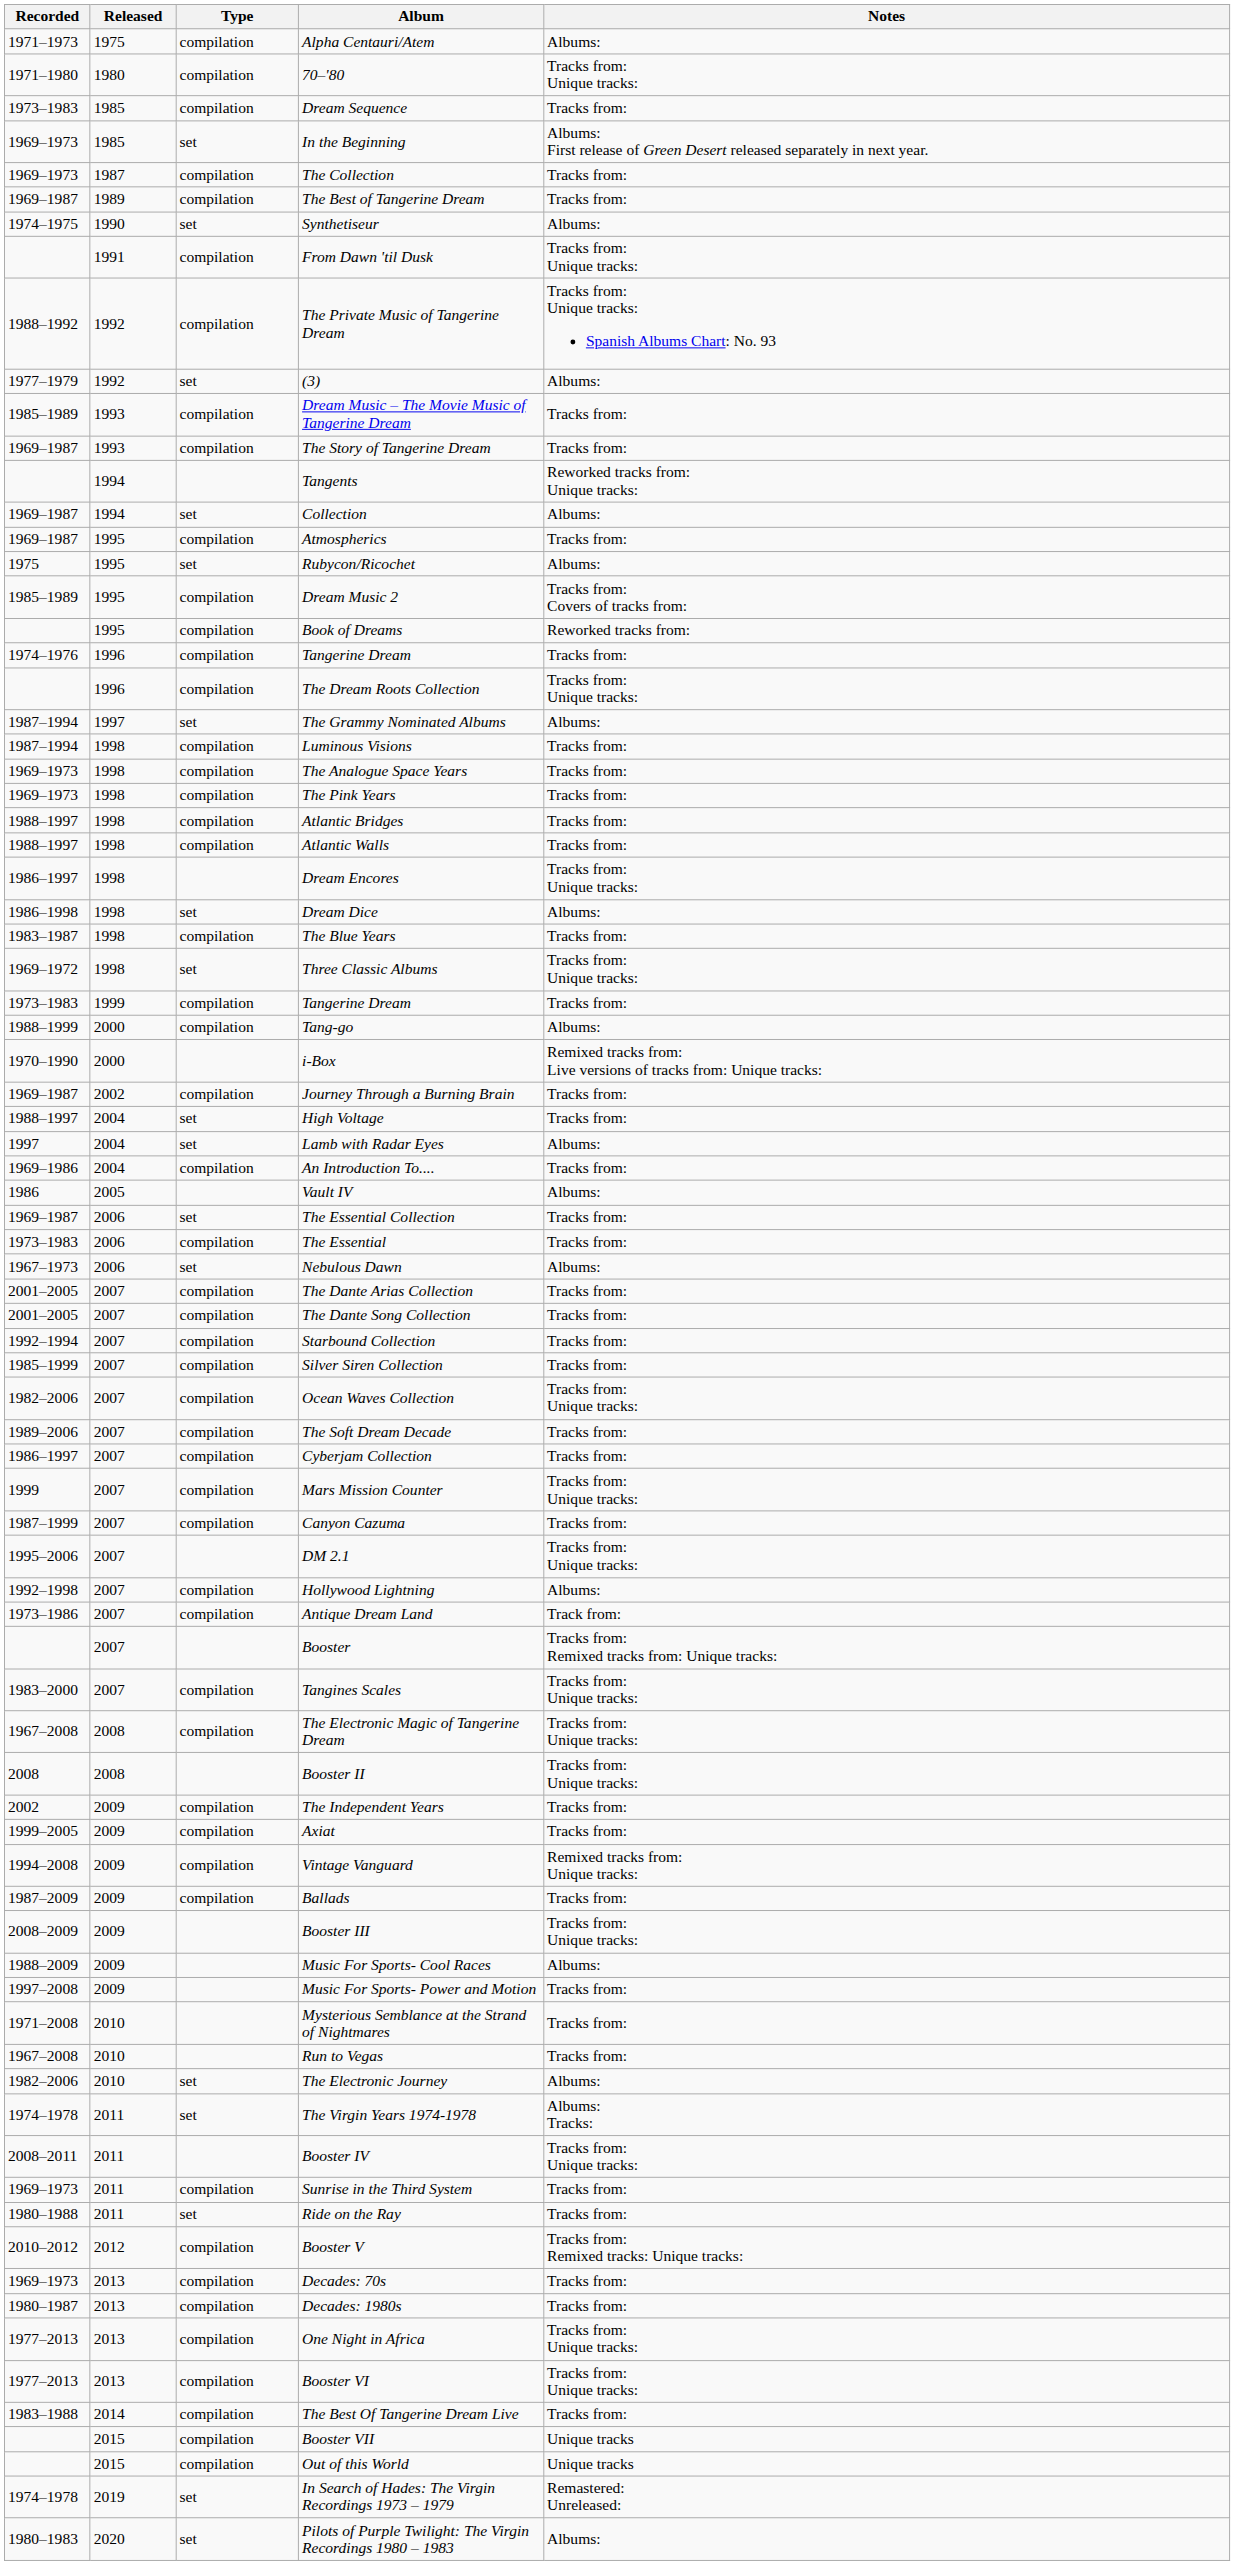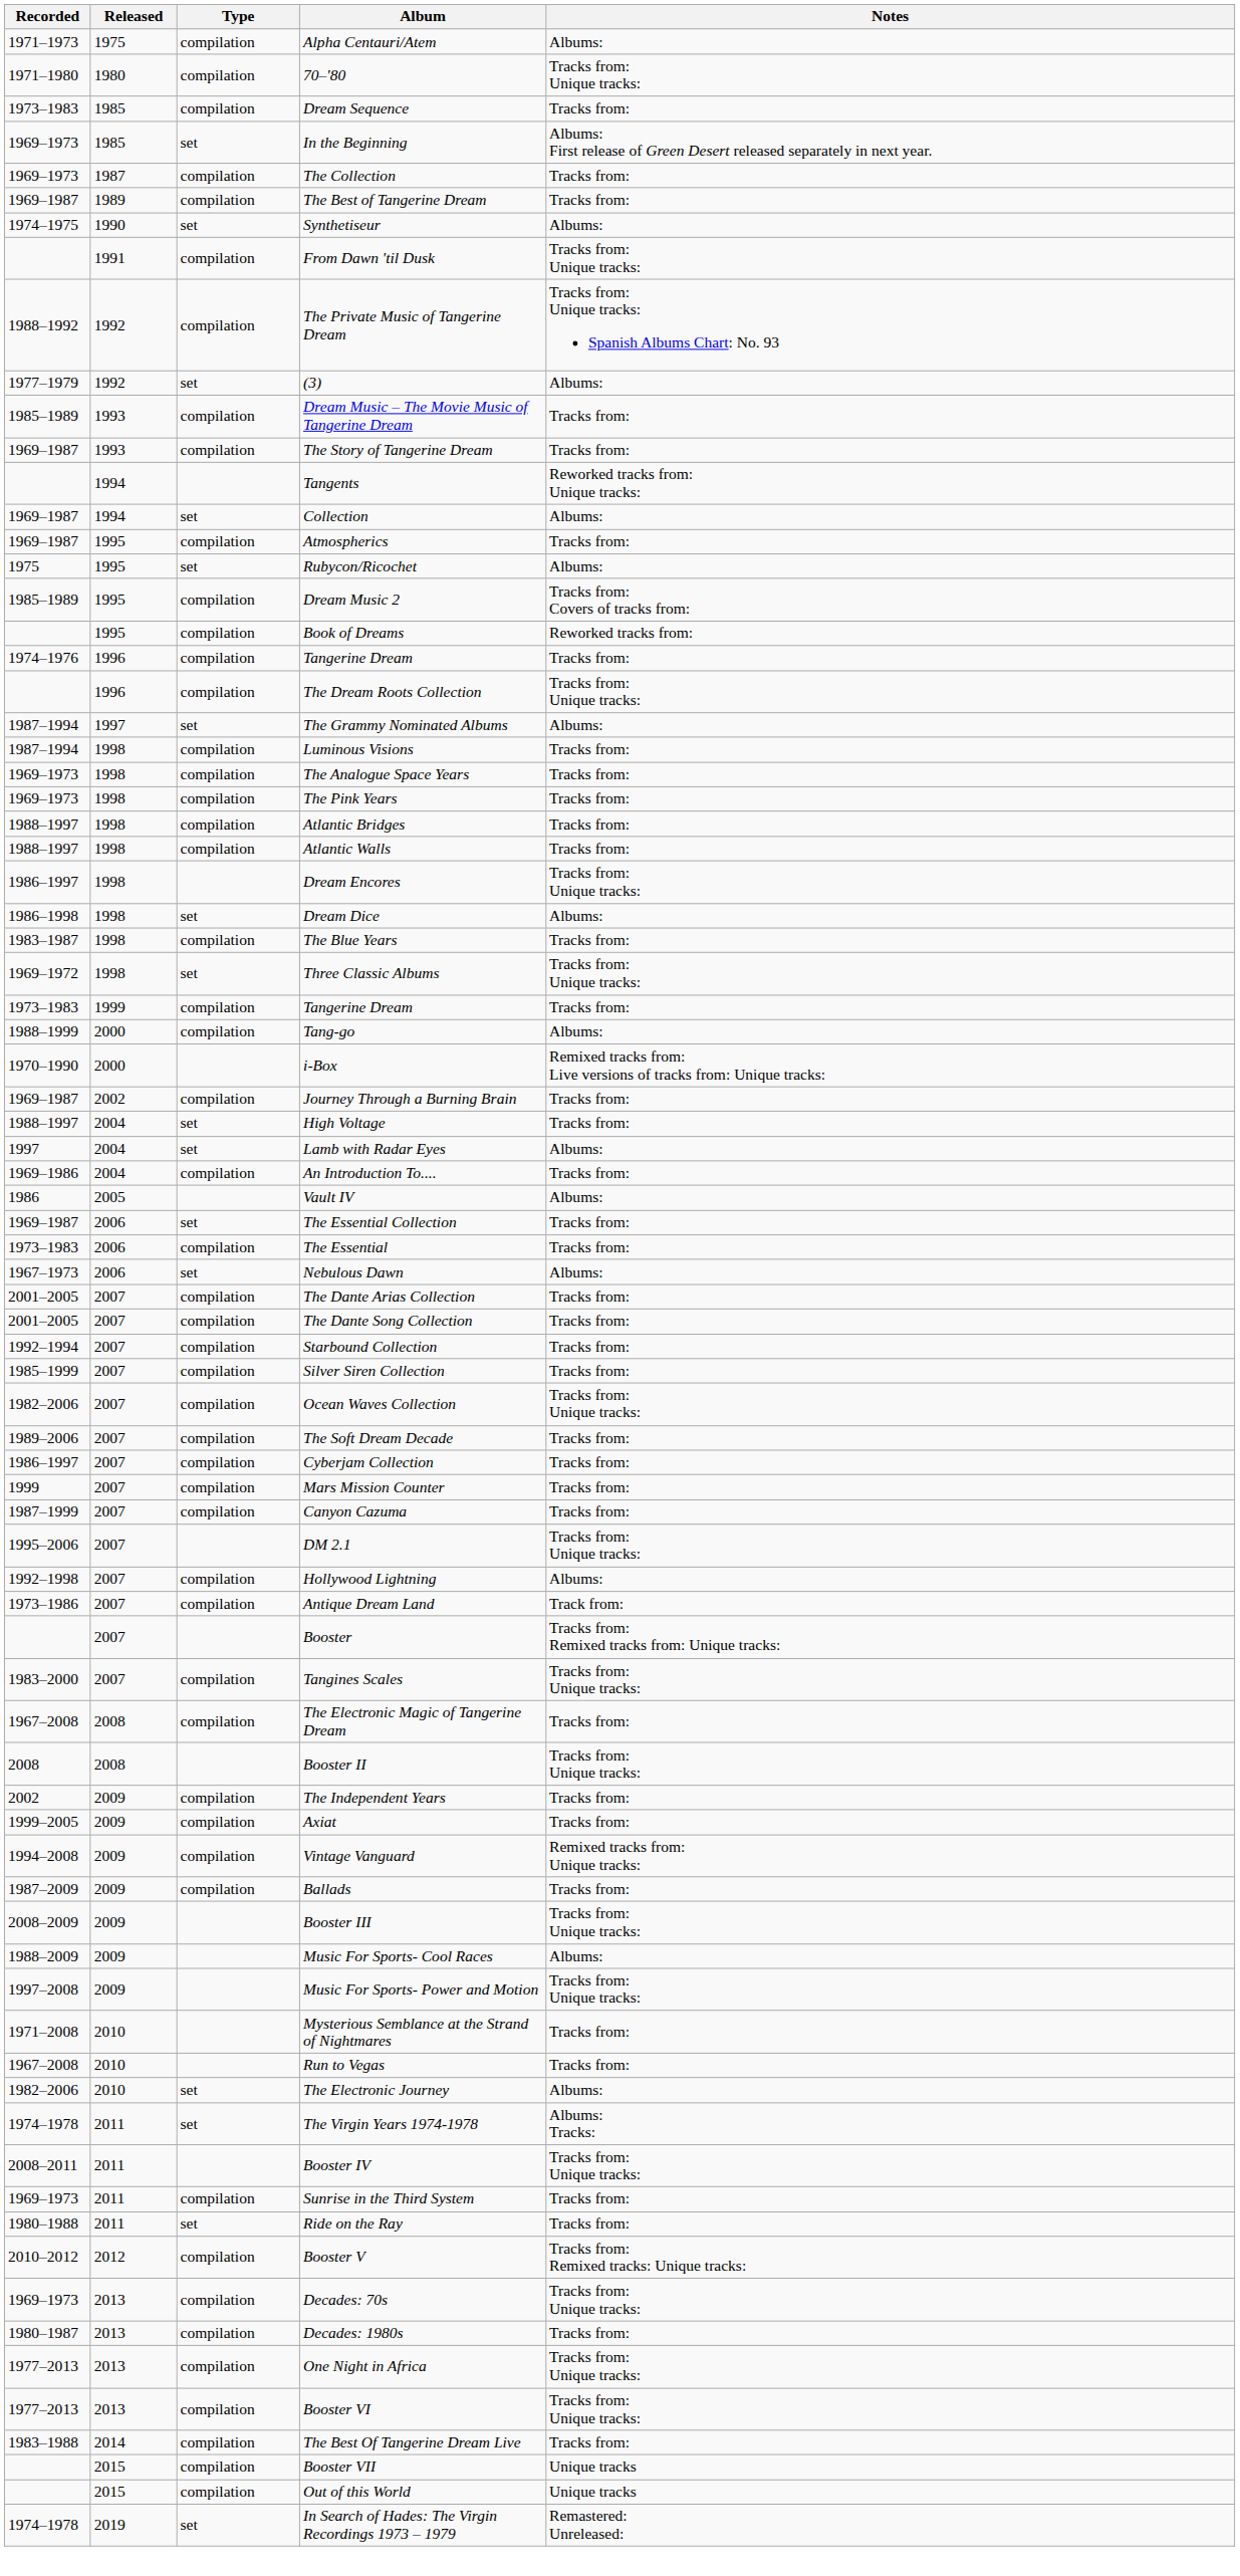 <table class="wikitable sortable" style="width:100%">
 <tr>
 <th style="width:7%">Recorded</th>
 <th style="width:7%">Released</th>
 <th style="width:10%">Type</th>
 <th style="width:20%">Album</th>
 <th>Notes</th>
 </tr>
 <tr>
 <td>1971–1973</td>
 <td>1975</td>
 <td>compilation</td>
 <td><em>Alpha Centauri/Atem</em></td>
 <td>Albums:</td>
 </tr>
 <tr>
 <td>1971–1980</td>
 <td>1980</td>
 <td>compilation</td>
 <td><em>70–'80</em></td>
 <td>Tracks from:<br>Unique tracks:</td>
 </tr>
 <tr>
 <td>1973–1983</td>
 <td>1985</td>
 <td>compilation</td>
 <td><em>Dream Sequence</em></td>
 <td>Tracks from:</td>
 </tr>
 <tr>
 <td>1969–1973</td>
 <td>1985</td>
 <td>set</td>
 <td><em>In the Beginning</em></td>
 <td>Albums:<br>First release of <em>Green Desert</em> released separately in next year.</td>
 </tr>
 <tr>
 <td>1969–1973</td>
 <td>1987</td>
 <td>compilation</td>
 <td><em>The Collection</em></td>
 <td>Tracks from:</td>
 </tr>
 <tr>
 <td>1969–1987</td>
 <td>1989</td>
 <td>compilation</td>
 <td><em>The Best of Tangerine Dream</em></td>
 <td>Tracks from:</td>
 </tr>
 <tr>
 <td>1974–1975</td>
 <td>1990</td>
 <td>set</td>
 <td><em>Synthetiseur</em></td>
 <td>Albums:</td>
 </tr>
 <tr>
 <td></td>
 <td>1991</td>
 <td>compilation</td>
 <td><em>From Dawn 'til Dusk</em></td>
 <td>Tracks from:<br>Unique tracks:</td>
 </tr>
 <tr>
 <td>1988–1992</td>
 <td>1992</td>
 <td>compilation</td>
 <td><em>The Private Music of Tangerine Dream</em></td>
 <td>Tracks from:<br>Unique tracks:<ul><li><a href='#'>Spanish Albums Chart</a>: No. 93</li></ul></td>
 </tr>
 <tr>
 <td>1977–1979</td>
 <td>1992</td>
 <td>set</td>
 <td><em>(3)</em></td>
 <td>Albums:</td>
 </tr>
 <tr>
 <td>1985–1989</td>
 <td>1993</td>
 <td>compilation</td>
 <td><em><a href='#'>Dream Music – The Movie Music of Tangerine Dream</a></em></td>
 <td>Tracks from:</td>
 </tr>
 <tr>
 <td>1969–1987</td>
 <td>1993</td>
 <td>compilation</td>
 <td><em>The Story of Tangerine Dream</em></td>
 <td>Tracks from:</td>
 </tr>
 <tr>
 <td></td>
 <td>1994</td>
 <td></td>
 <td><em>Tangents</em></td>
 <td>Reworked tracks from:<br>Unique tracks:</td>
 </tr>
 <tr>
 <td>1969–1987</td>
 <td>1994</td>
 <td>set</td>
 <td><em>Collection</em></td>
 <td>Albums:</td>
 </tr>
 <tr>
 <td>1969–1987</td>
 <td>1995</td>
 <td>compilation</td>
 <td><em>Atmospherics</em></td>
 <td>Tracks from:</td>
 </tr>
 <tr>
 <td>1975</td>
 <td>1995</td>
 <td>set</td>
 <td><em>Rubycon/Ricochet</em></td>
 <td>Albums:</td>
 </tr>
 <tr>
 <td>1985–1989</td>
 <td>1995</td>
 <td>compilation</td>
 <td><em>Dream Music 2</em></td>
 <td>Tracks from:<br>Covers of tracks from:</td>
 </tr>
 <tr>
 <td></td>
 <td>1995</td>
 <td>compilation</td>
 <td><em>Book of Dreams</em></td>
 <td>Reworked tracks from:</td>
 </tr>
 <tr>
 <td>1974–1976</td>
 <td>1996</td>
 <td>compilation</td>
 <td><em>Tangerine Dream</em></td>
 <td>Tracks from:</td>
 </tr>
 <tr>
 <td></td>
 <td>1996</td>
 <td>compilation</td>
 <td><em>The Dream Roots Collection</em></td>
 <td>Tracks from:<br>Unique tracks:</td>
 </tr>
 <tr>
 <td>1987–1994</td>
 <td>1997</td>
 <td>set</td>
 <td><em>The Grammy Nominated Albums</em></td>
 <td>Albums:</td>
 </tr>
 <tr>
 <td>1987–1994</td>
 <td>1998</td>
 <td>compilation</td>
 <td><em>Luminous Visions</em></td>
 <td>Tracks from:</td>
 </tr>
 <tr>
 <td>1969–1973</td>
 <td>1998</td>
 <td>compilation</td>
 <td><em>The Analogue Space Years</em></td>
 <td>Tracks from:</td>
 </tr>
 <tr>
 <td>1969–1973</td>
 <td>1998</td>
 <td>compilation</td>
 <td><em>The Pink Years</em></td>
 <td>Tracks from:</td>
 </tr>
 <tr>
 <td>1988–1997</td>
 <td>1998</td>
 <td>compilation</td>
 <td><em>Atlantic Bridges</em></td>
 <td>Tracks from:</td>
 </tr>
 <tr>
 <td>1988–1997</td>
 <td>1998</td>
 <td>compilation</td>
 <td><em>Atlantic Walls</em></td>
 <td>Tracks from:</td>
 </tr>
 <tr>
 <td>1986–1997</td>
 <td>1998</td>
 <td></td>
 <td><em>Dream Encores</em></td>
 <td>Tracks from:<br>Unique tracks:</td>
 </tr>
 <tr>
 <td>1986–1998</td>
 <td>1998</td>
 <td>set</td>
 <td><em>Dream Dice</em></td>
 <td>Albums:</td>
 </tr>
 <tr>
 <td>1983–1987</td>
 <td>1998</td>
 <td>compilation</td>
 <td><em>The Blue Years</em></td>
 <td>Tracks from:</td>
 </tr>
 <tr>
 <td>1969–1972</td>
 <td>1998</td>
 <td>set</td>
 <td><em>Three Classic Albums</em></td>
 <td>Tracks from:<br>Unique tracks:</td>
 </tr>
 <tr>
 <td>1973–1983</td>
 <td>1999</td>
 <td>compilation</td>
 <td><em>Tangerine Dream</em></td>
 <td>Tracks from:</td>
 </tr>
 <tr>
 <td>1988–1999</td>
 <td>2000</td>
 <td>compilation</td>
 <td><em>Tang-go</em></td>
 <td>Albums:</td>
 </tr>
 <tr>
 <td>1970–1990</td>
 <td>2000</td>
 <td></td>
 <td><em>i-Box</em></td>
 <td>Remixed tracks from:<br>Live versions of tracks from: Unique tracks:</td>
 </tr>
 <tr>
 <td>1969–1987</td>
 <td>2002</td>
 <td>compilation</td>
 <td><em>Journey Through a Burning Brain</em></td>
 <td>Tracks from:</td>
 </tr>
 <tr>
 <td>1988–1997</td>
 <td>2004</td>
 <td>set</td>
 <td><em>High Voltage</em></td>
 <td>Tracks from:</td>
 </tr>
 <tr>
 <td>1997</td>
 <td>2004</td>
 <td>set</td>
 <td><em>Lamb with Radar Eyes</em></td>
 <td>Albums:</td>
 </tr>
 <tr>
 <td>1969–1986</td>
 <td>2004</td>
 <td>compilation</td>
 <td><em>An Introduction To....</em></td>
 <td>Tracks from:</td>
 </tr>
 <tr>
 <td>1986</td>
 <td>2005</td>
 <td></td>
 <td><em>Vault IV</em></td>
 <td>Albums:</td>
 </tr>
 <tr>
 <td>1969–1987</td>
 <td>2006</td>
 <td>set</td>
 <td><em>The Essential Collection</em></td>
 <td>Tracks from:</td>
 </tr>
 <tr>
 <td>1973–1983</td>
 <td>2006</td>
 <td>compilation</td>
 <td><em>The Essential</em></td>
 <td>Tracks from:</td>
 </tr>
 <tr>
 <td>1967–1973</td>
 <td>2006</td>
 <td>set</td>
 <td><em>Nebulous Dawn</em></td>
 <td>Albums:</td>
 </tr>
 <tr>
 <td>2001–2005</td>
 <td>2007</td>
 <td>compilation</td>
 <td><em>The Dante Arias Collection</em></td>
 <td>Tracks from:</td>
 </tr>
 <tr>
 <td>2001–2005</td>
 <td>2007</td>
 <td>compilation</td>
 <td><em>The Dante Song Collection</em></td>
 <td>Tracks from:</td>
 </tr>
 <tr>
 <td>1992–1994</td>
 <td>2007</td>
 <td>compilation</td>
 <td><em>Starbound Collection</em></td>
 <td>Tracks from:</td>
 </tr>
 <tr>
 <td>1985–1999</td>
 <td>2007</td>
 <td>compilation</td>
 <td><em>Silver Siren Collection</em></td>
 <td>Tracks from:</td>
 </tr>
 <tr>
 <td>1982–2006</td>
 <td>2007</td>
 <td>compilation</td>
 <td><em>Ocean Waves Collection</em></td>
 <td>Tracks from:<br>Unique tracks:</td>
 </tr>
 <tr>
 <td>1989–2006</td>
 <td>2007</td>
 <td>compilation</td>
 <td><em>The Soft Dream Decade</em></td>
 <td>Tracks from:</td>
 </tr>
 <tr>
 <td>1986–1997</td>
 <td>2007</td>
 <td>compilation</td>
 <td><em>Cyberjam Collection</em></td>
 <td>Tracks from:</td>
 </tr>
 <tr>
 <td>1999</td>
 <td>2007</td>
 <td>compilation</td>
 <td><em>Mars Mission Counter</em></td>
-<td>Tracks from:<br>Unique tracks:</td>
+<td>Tracks from:</td>
 </tr>
 <tr>
 <td>1987–1999</td>
 <td>2007</td>
 <td>compilation</td>
 <td><em>Canyon Cazuma</em></td>
 <td>Tracks from:</td>
 </tr>
 <tr>
 <td>1995–2006</td>
 <td>2007</td>
 <td></td>
 <td><em>DM 2.1</em></td>
 <td>Tracks from:<br>Unique tracks:</td>
 </tr>
 <tr>
 <td>1992–1998</td>
 <td>2007</td>
 <td>compilation</td>
 <td><em>Hollywood Lightning</em></td>
 <td>Albums:</td>
 </tr>
 <tr>
 <td>1973–1986</td>
 <td>2007</td>
 <td>compilation</td>
 <td><em>Antique Dream Land</em></td>
 <td>Track from:</td>
 </tr>
 <tr>
 <td></td>
 <td>2007</td>
 <td></td>
 <td><em>Booster</em></td>
 <td>Tracks from:<br>Remixed tracks from: Unique tracks:</td>
 </tr>
 <tr>
 <td>1983–2000</td>
 <td>2007</td>
 <td>compilation</td>
 <td><em>Tangines Scales</em></td>
 <td>Tracks from:<br>Unique tracks:</td>
 </tr>
 <tr>
 <td>1967–2008</td>
 <td>2008</td>
 <td>compilation</td>
 <td><em>The Electronic Magic of Tangerine Dream</em></td>
-<td>Tracks from:<br>Unique tracks:</td>
+<td>Tracks from:</td>
 </tr>
 <tr>
 <td>2008</td>
 <td>2008</td>
 <td></td>
 <td><em>Booster II</em></td>
 <td>Tracks from:<br>Unique tracks:</td>
 </tr>
 <tr>
 <td>2002</td>
 <td>2009</td>
 <td>compilation</td>
 <td><em>The Independent Years</em></td>
 <td>Tracks from:</td>
 </tr>
 <tr>
 <td>1999–2005</td>
 <td>2009</td>
 <td>compilation</td>
 <td><em>Axiat</em></td>
 <td>Tracks from:</td>
 </tr>
 <tr>
 <td>1994–2008</td>
 <td>2009</td>
 <td>compilation</td>
 <td><em>Vintage Vanguard</em></td>
 <td>Remixed tracks from:<br>Unique tracks:</td>
 </tr>
 <tr>
 <td>1987–2009</td>
 <td>2009</td>
 <td>compilation</td>
 <td><em>Ballads</em></td>
 <td>Tracks from:</td>
 </tr>
 <tr>
 <td>2008–2009</td>
 <td>2009</td>
 <td></td>
 <td><em>Booster III</em></td>
 <td>Tracks from:<br>Unique tracks:</td>
 </tr>
 <tr>
 <td>1988–2009</td>
 <td>2009</td>
 <td></td>
 <td><em>Music For Sports- Cool Races</em></td>
 <td>Albums:</td>
 </tr>
 <tr>
 <td>1997–2008</td>
 <td>2009</td>
 <td></td>
 <td><em>Music For Sports- Power and Motion</em></td>
-<td>Tracks from:</td>
+<td>Tracks from:<br>Unique tracks:</td>
 </tr>
 <tr>
 <td>1971–2008</td>
 <td>2010</td>
 <td></td>
 <td><em>Mysterious Semblance at the Strand of Nightmares</em></td>
 <td>Tracks from:</td>
 </tr>
 <tr>
 <td>1967–2008</td>
 <td>2010</td>
 <td></td>
 <td><em>Run to Vegas</em></td>
 <td>Tracks from:</td>
 </tr>
 <tr>
 <td>1982–2006</td>
 <td>2010</td>
 <td>set</td>
 <td><em>The Electronic Journey</em></td>
 <td>Albums:</td>
 </tr>
 <tr>
 <td>1974–1978</td>
 <td>2011</td>
 <td>set</td>
 <td><em>The Virgin Years 1974-1978</em></td>
 <td>Albums:<br>Tracks:</td>
 </tr>
 <tr>
 <td>2008–2011</td>
 <td>2011</td>
 <td></td>
 <td><em>Booster IV</em></td>
 <td>Tracks from:<br>Unique tracks:</td>
 </tr>
 <tr>
 <td>1969–1973</td>
 <td>2011</td>
 <td>compilation</td>
 <td><em>Sunrise in the Third System</em></td>
 <td>Tracks from:</td>
 </tr>
 <tr>
 <td>1980–1988</td>
 <td>2011</td>
 <td>set</td>
 <td><em>Ride on the Ray</em></td>
 <td>Tracks from:</td>
 </tr>
 <tr>
 <td>2010–2012</td>
 <td>2012</td>
 <td>compilation</td>
 <td><em>Booster V</em></td>
 <td>Tracks from:<br>Remixed tracks: Unique tracks:</td>
 </tr>
 <tr>
 <td>1969–1973</td>
 <td>2013</td>
 <td>compilation</td>
 <td><em>Decades: 70s</em></td>
-<td>Tracks from:</td>
+<td>Tracks from:<br>Unique tracks:</td>
 </tr>
 <tr>
 <td>1980–1987</td>
 <td>2013</td>
 <td>compilation</td>
 <td><em>Decades: 1980s</em></td>
 <td>Tracks from:</td>
 </tr>
 <tr>
 <td>1977–2013</td>
 <td>2013</td>
 <td>compilation</td>
 <td><em>One Night in Africa</em></td>
 <td>Tracks from:<br>Unique tracks:</td>
 </tr>
 <tr>
 <td>1977–2013</td>
 <td>2013</td>
 <td>compilation</td>
 <td><em>Booster VI</em></td>
 <td>Tracks from:<br>Unique tracks:</td>
 </tr>
 <tr>
 <td>1983–1988</td>
 <td>2014</td>
 <td>compilation</td>
 <td><em>The Best Of Tangerine Dream Live</em></td>
 <td>Tracks from:</td>
 </tr>
 <tr>
 <td></td>
 <td>2015</td>
 <td>compilation</td>
 <td><em>Booster VII</em></td>
 <td>Unique tracks</td>
 </tr>
 <tr>
 <td></td>
 <td>2015</td>
 <td>compilation</td>
 <td><em>Out of this World</em></td>
 <td>Unique tracks</td>
 </tr>
 <tr>
 <td>1974–1978</td>
 <td>2019</td>
 <td>set</td>
 <td><em>In Search of Hades: The Virgin Recordings 1973 – 1979</em></td>
 <td>Remastered:<br>Unreleased: </td>
 </tr>
-<tr>
-<td>1980–1983</td>
-<td>2020</td>
-<td>set</td>
-<td><em>Pilots of Purple Twilight: The Virgin Recordings 1980 – 1983</em></td>
-<td>Albums:</td>
-</tr>
 </table>
